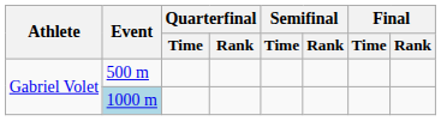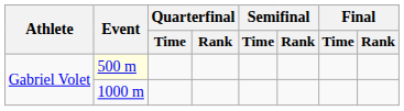 <table class="wikitable" style="font-size:90%">
 <tr>
 <th rowspan=2>Athlete</th>
 <th rowspan=2>Event</th>
 <th colspan=2>Quarterfinal</th>
 <th colspan=2>Semifinal</th>
 <th colspan=2>Final</th>
 </tr>
 <tr style="font-size:95%">
 <th>Time</th>
 <th>Rank</th>
 <th>Time</th>
 <th>Rank</th>
 <th>Time</th>
 <th>Rank</th>
 </tr>
 <tr align=center>
 <td align=left rowspan=2><a href='#'>Gabriel Volet</a></td>
-<td align=left><a href='#'>500 m</a></td>
+<td align=left style="background: lightyellow;"><a href='#'>500 m</a></td>
 <td></td>
 <td></td>
 <td></td>
 <td></td>
 <td></td>
 <td></td>
 </tr>
 <tr align=center>
-<td align=left style="background: lightblue;"><a href='#'>1000 m</a></td>
+<td align=left><a href='#'>1000 m</a></td>
 <td></td>
 <td></td>
 <td></td>
 <td></td>
 <td></td>
 <td></td>
 </tr>
 </table>
